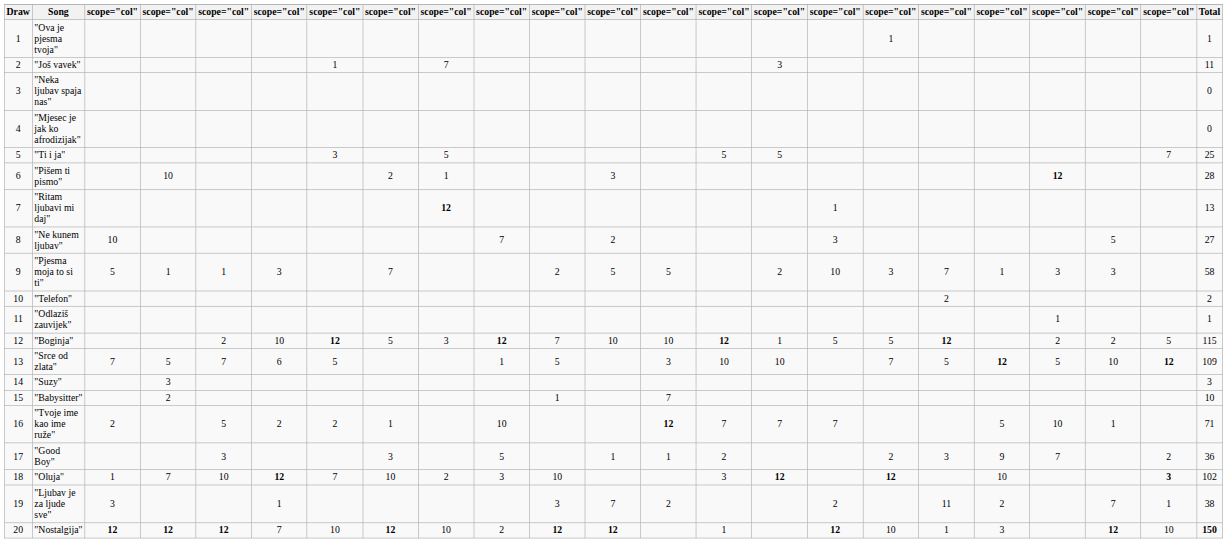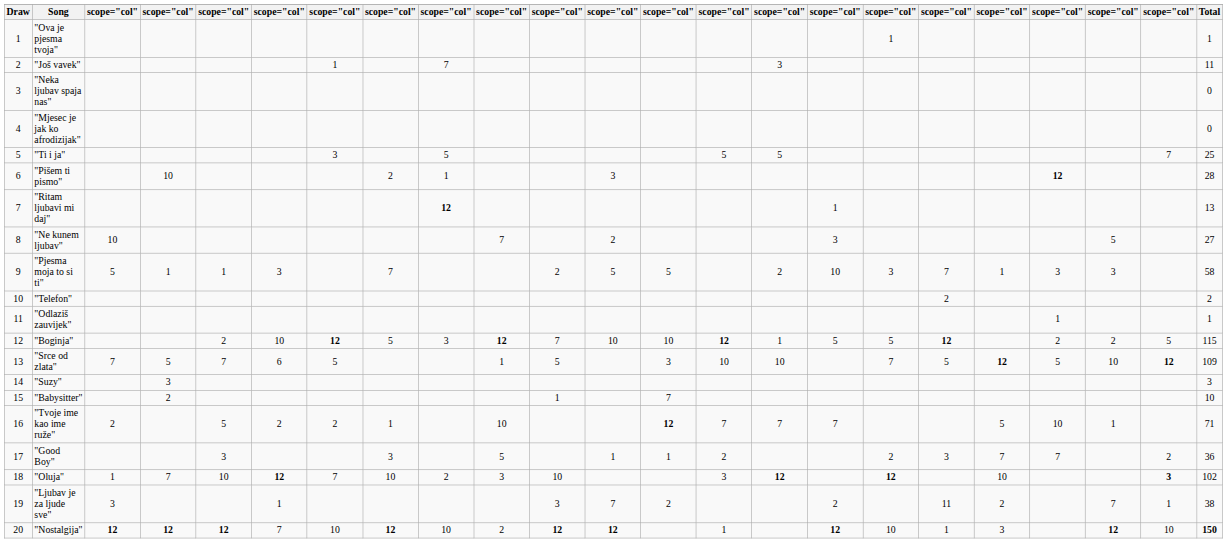 <table class="wikitable plainrowheaders" style="margin: 1em auto 1em auto; text-align:center;">
 <tr>
 </tr>
 <tr>
 <th scope="col">Draw</th>
 <th scope="col">Song</th>
 <th>scope="col" </th>
 <th>scope="col" </th>
 <th>scope="col" </th>
 <th>scope="col" </th>
 <th>scope="col" </th>
 <th>scope="col" </th>
 <th>scope="col" </th>
 <th>scope="col" </th>
 <th>scope="col" </th>
 <th>scope="col" </th>
 <th>scope="col" </th>
 <th>scope="col" </th>
 <th>scope="col" </th>
 <th>scope="col" </th>
 <th>scope="col" </th>
 <th>scope="col" </th>
 <th>scope="col" </th>
 <th>scope="col" </th>
 <th>scope="col" </th>
 <th>scope="col" </th>
 <th scope="col">Total</th>
 </tr>
 <tr>
 <td>1</td>
 <td align="left">"Ova je pjesma tvoja"</td>
 <td></td>
 <td></td>
 <td></td>
 <td></td>
 <td></td>
 <td></td>
 <td></td>
 <td></td>
 <td></td>
 <td></td>
 <td></td>
 <td></td>
 <td></td>
 <td></td>
 <td>1</td>
 <td></td>
 <td></td>
 <td></td>
 <td></td>
 <td></td>
 <td>1</td>
 </tr>
 <tr>
 <td>2</td>
 <td align="left">"Još vavek"</td>
 <td></td>
 <td></td>
 <td></td>
 <td></td>
 <td>1</td>
 <td></td>
 <td>7</td>
 <td></td>
 <td></td>
 <td></td>
 <td></td>
 <td></td>
 <td>3</td>
 <td></td>
 <td></td>
 <td></td>
 <td></td>
 <td></td>
 <td></td>
 <td></td>
 <td>11</td>
 </tr>
 <tr>
 <td>3</td>
 <td align="left">"Neka ljubav spaja nas"</td>
 <td></td>
 <td></td>
 <td></td>
 <td></td>
 <td></td>
 <td></td>
 <td></td>
 <td></td>
 <td></td>
 <td></td>
 <td></td>
 <td></td>
 <td></td>
 <td></td>
 <td></td>
 <td></td>
 <td></td>
 <td></td>
 <td></td>
 <td></td>
 <td>0</td>
 </tr>
 <tr>
 <td>4</td>
 <td align="left">"Mjesec je jak ko afrodizijak"</td>
 <td></td>
 <td></td>
 <td></td>
 <td></td>
 <td></td>
 <td></td>
 <td></td>
 <td></td>
 <td></td>
 <td></td>
 <td></td>
 <td></td>
 <td></td>
 <td></td>
 <td></td>
 <td></td>
 <td></td>
 <td></td>
 <td></td>
 <td></td>
 <td>0</td>
 </tr>
 <tr>
 <td>5</td>
 <td align="left">"Ti i ja"</td>
 <td></td>
 <td></td>
 <td></td>
 <td></td>
 <td>3</td>
 <td></td>
 <td>5</td>
 <td></td>
 <td></td>
 <td></td>
 <td></td>
 <td>5</td>
 <td>5</td>
 <td></td>
 <td></td>
 <td></td>
 <td></td>
 <td></td>
 <td></td>
 <td>7</td>
 <td>25</td>
 </tr>
 <tr>
 <td>6</td>
 <td align="left">"Pišem ti pismo"</td>
 <td></td>
 <td>10</td>
 <td></td>
 <td></td>
 <td></td>
 <td>2</td>
 <td>1</td>
 <td></td>
 <td></td>
 <td>3</td>
 <td></td>
 <td></td>
 <td></td>
 <td></td>
 <td></td>
 <td></td>
 <td></td>
 <td><strong>12</strong></td>
 <td></td>
 <td></td>
 <td>28</td>
 </tr>
 <tr>
 <td>7</td>
 <td align="left">"Ritam ljubavi mi daj"</td>
 <td></td>
 <td></td>
 <td></td>
 <td></td>
 <td></td>
 <td></td>
 <td><strong>12</strong></td>
 <td></td>
 <td></td>
 <td></td>
 <td></td>
 <td></td>
 <td></td>
 <td>1</td>
 <td></td>
 <td></td>
 <td></td>
 <td></td>
 <td></td>
 <td></td>
 <td>13</td>
 </tr>
 <tr>
 <td>8</td>
 <td align="left">"Ne kunem ljubav"</td>
 <td>10</td>
 <td></td>
 <td></td>
 <td></td>
 <td></td>
 <td></td>
 <td></td>
 <td>7</td>
 <td></td>
 <td>2</td>
 <td></td>
 <td></td>
 <td></td>
 <td>3</td>
 <td></td>
 <td></td>
 <td></td>
 <td></td>
 <td>5</td>
 <td></td>
 <td>27</td>
 </tr>
 <tr>
 <td>9</td>
 <td align="left">"Pjesma moja to si ti"</td>
 <td>5</td>
 <td>1</td>
 <td>1</td>
 <td>3</td>
 <td></td>
 <td>7</td>
 <td></td>
 <td></td>
 <td>2</td>
 <td>5</td>
 <td>5</td>
 <td></td>
 <td>2</td>
 <td>10</td>
 <td>3</td>
 <td>7</td>
 <td>1</td>
 <td>3</td>
 <td>3</td>
 <td></td>
 <td>58</td>
 </tr>
 <tr>
 <td>10</td>
 <td align="left">"Telefon"</td>
 <td></td>
 <td></td>
 <td></td>
 <td></td>
 <td></td>
 <td></td>
 <td></td>
 <td></td>
 <td></td>
 <td></td>
 <td></td>
 <td></td>
 <td></td>
 <td></td>
 <td></td>
 <td>2</td>
 <td></td>
 <td></td>
 <td></td>
 <td></td>
 <td>2</td>
 </tr>
 <tr>
 <td>11</td>
 <td align="left">"Odlaziš zauvijek"</td>
 <td></td>
 <td></td>
 <td></td>
 <td></td>
 <td></td>
 <td></td>
 <td></td>
 <td></td>
 <td></td>
 <td></td>
 <td></td>
 <td></td>
 <td></td>
 <td></td>
 <td></td>
 <td></td>
 <td></td>
 <td>1</td>
 <td></td>
 <td></td>
 <td>1</td>
 </tr>
 <tr>
 <td>12</td>
 <td align="left">"Boginja"</td>
 <td></td>
 <td></td>
 <td>2</td>
 <td>10</td>
 <td><strong>12</strong></td>
 <td>5</td>
 <td>3</td>
 <td><strong>12</strong></td>
 <td>7</td>
 <td>10</td>
 <td>10</td>
 <td><strong>12</strong></td>
 <td>1</td>
 <td>5</td>
 <td>5</td>
 <td><strong>12</strong></td>
 <td></td>
 <td>2</td>
 <td>2</td>
 <td>5</td>
 <td>115</td>
 </tr>
 <tr>
 <td>13</td>
 <td align="left">"Srce od zlata"</td>
 <td>7</td>
 <td>5</td>
 <td>7</td>
 <td>6</td>
 <td>5</td>
 <td></td>
 <td></td>
 <td>1</td>
 <td>5</td>
 <td></td>
 <td>3</td>
 <td>10</td>
 <td>10</td>
 <td></td>
 <td>7</td>
 <td>5</td>
 <td><strong>12</strong></td>
 <td>5</td>
 <td>10</td>
 <td><strong>12</strong></td>
 <td>109</td>
 </tr>
 <tr>
 <td>14</td>
 <td align="left">"Suzy"</td>
 <td></td>
 <td>3</td>
 <td></td>
 <td></td>
 <td></td>
 <td></td>
 <td></td>
 <td></td>
 <td></td>
 <td></td>
 <td></td>
 <td></td>
 <td></td>
 <td></td>
 <td></td>
 <td></td>
 <td></td>
 <td></td>
 <td></td>
 <td></td>
 <td>3</td>
 </tr>
 <tr>
 <td>15</td>
 <td align="left">"Babysitter"</td>
 <td></td>
 <td>2</td>
 <td></td>
 <td></td>
 <td></td>
 <td></td>
 <td></td>
 <td></td>
 <td>1</td>
 <td></td>
 <td>7</td>
 <td></td>
 <td></td>
 <td></td>
 <td></td>
 <td></td>
 <td></td>
 <td></td>
 <td></td>
 <td></td>
 <td>10</td>
 </tr>
 <tr>
 <td>16</td>
 <td align="left">"Tvoje ime kao ime ruže"</td>
 <td>2</td>
 <td></td>
 <td>5</td>
 <td>2</td>
 <td>2</td>
 <td>1</td>
 <td></td>
 <td>10</td>
 <td></td>
 <td></td>
 <td><strong>12</strong></td>
 <td>7</td>
 <td>7</td>
 <td>7</td>
 <td></td>
 <td></td>
 <td>5</td>
 <td>10</td>
 <td>1</td>
 <td></td>
 <td>71</td>
 </tr>
 <tr>
 <td>17</td>
 <td align="left">"Good Boy"</td>
 <td></td>
 <td></td>
 <td>3</td>
 <td></td>
 <td></td>
 <td>3</td>
 <td></td>
 <td>5</td>
 <td></td>
 <td>1</td>
 <td>1</td>
 <td>2</td>
 <td></td>
 <td></td>
 <td>2</td>
 <td>3</td>
-<td>9</td>
+<td>7</td>
 <td>7</td>
 <td></td>
 <td>2</td>
 <td>36</td>
 </tr>
 <tr>
 <td>18</td>
 <td align="left">"Oluja"</td>
 <td>1</td>
 <td>7</td>
 <td>10</td>
 <td><strong>12</strong></td>
 <td>7</td>
 <td>10</td>
 <td>2</td>
 <td>3</td>
 <td>10</td>
 <td></td>
 <td></td>
 <td>3</td>
 <td><strong>12</strong></td>
 <td></td>
 <td><strong>12</strong></td>
 <td></td>
 <td>10</td>
 <td></td>
 <td></td>
 <td><strong>3</strong></td>
 <td>102</td>
 </tr>
 <tr>
 <td>19</td>
 <td align="left">"Ljubav je za ljude sve"</td>
 <td>3</td>
 <td></td>
 <td></td>
 <td>1</td>
 <td></td>
 <td></td>
 <td></td>
 <td></td>
 <td>3</td>
 <td>7</td>
 <td>2</td>
 <td></td>
 <td></td>
 <td>2</td>
 <td></td>
 <td>11</td>
 <td>2</td>
 <td></td>
 <td>7</td>
 <td>1</td>
 <td>38</td>
 </tr>
 <tr>
 <td>20</td>
 <td align="left">"Nostalgija"</td>
 <td><strong>12</strong></td>
 <td><strong>12</strong></td>
 <td><strong>12</strong></td>
 <td>7</td>
 <td>10</td>
 <td><strong>12</strong></td>
 <td>10</td>
 <td>2</td>
 <td><strong>12</strong></td>
 <td><strong>12</strong></td>
 <td></td>
 <td>1</td>
 <td></td>
 <td><strong>12</strong></td>
 <td>10</td>
 <td>1</td>
 <td>3</td>
 <td></td>
 <td><strong>12</strong></td>
 <td>10</td>
 <td><strong>150</strong></td>
 </tr>
 </table>
